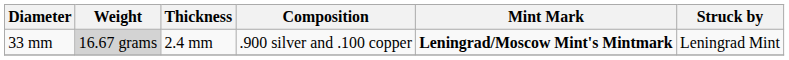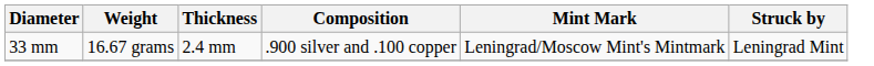 <table class="wikitable">
 <tr>
 <th>Diameter</th>
 <th>Weight</th>
 <th>Thickness</th>
 <th>Composition</th>
 <th>Mint Mark</th>
 <th>Struck by</th>
 </tr>
 <tr>
 <td>33 mm</td>
-<td style="background: lightgrey;">16.67 grams</td>
+<td>16.67 grams</td>
 <td>2.4 mm</td>
 <td>.900 silver and .100 copper</td>
-<td><strong>Leningrad/Moscow Mint's Mintmark</strong></td>
+<td>Leningrad/Moscow Mint's Mintmark</td>
 <td>Leningrad Mint</td>
 </tr>
 <tr>
 </tr>
 </table>
